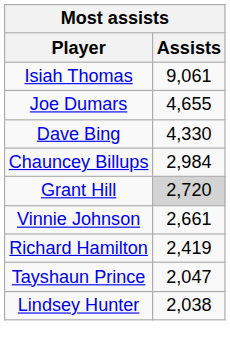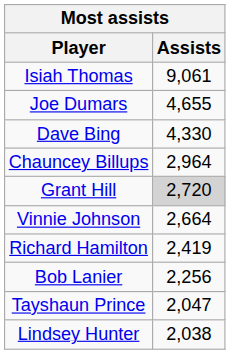 <table class="wikitable sortable" style="text-align:center">
 <tr>
 <th colspan="2" style="text-align:center; ">Most assists</th>
 </tr>
 <tr>
 <th style="text-align:center; ">Player</th>
 <th style="text-align:center; ">Assists</th>
 </tr>
 <tr>
 <td><a href='#'>Isiah Thomas</a></td>
 <td>9,061</td>
 </tr>
 <tr>
 <td><a href='#'>Joe Dumars</a></td>
 <td>4,655</td>
 </tr>
 <tr>
 <td><a href='#'>Dave Bing</a></td>
 <td>4,330</td>
 </tr>
 <tr>
 <td><a href='#'>Chauncey Billups</a></td>
-<td>2,984</td>
+<td>2,964</td>
 </tr>
 <tr>
 <td><a href='#'>Grant Hill</a></td>
 <td style="background: lightgrey;">2,720</td>
 </tr>
 <tr>
 <td><a href='#'>Vinnie Johnson</a></td>
-<td>2,661</td>
+<td>2,664</td>
 </tr>
 <tr>
 <td><a href='#'>Richard Hamilton</a></td>
 <td>2,419</td>
+</tr>
+<tr>
+<td><a href='#'>Bob Lanier</a></td>
+<td>2,256</td>
 </tr>
 <tr>
 <td><a href='#'>Tayshaun Prince</a></td>
 <td>2,047</td>
 </tr>
 <tr>
 <td><a href='#'>Lindsey Hunter</a></td>
 <td>2,038</td>
 </tr>
 </table>
